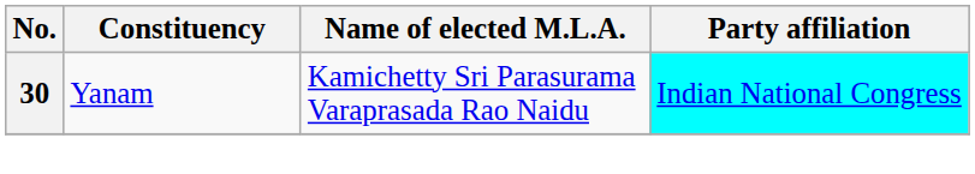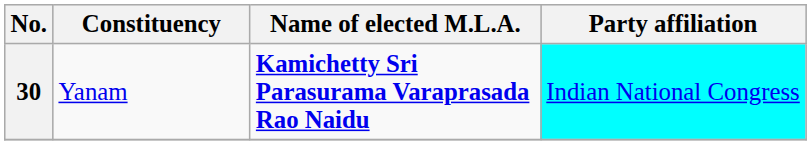 <table class="sortable wikitable">
 <tr>
 <th>No.</th>
 <th style="width:120px">Constituency</th>
 <th style="width:180px">Name of elected M.L.A.</th>
 <th>Party affiliation</th>
 </tr>
 <tr>
 <th>30</th>
 <td><a href='#'>Yanam</a></td>
-<td><a href='#'>Kamichetty Sri Parasurama Varaprasada Rao Naidu</a></td>
+<td><strong><a href='#'>Kamichetty Sri Parasurama Varaprasada Rao Naidu</a></strong></td>
 <td bgcolor=#00FFFF><a href='#'>Indian National Congress</a></td>
 </tr>
 <tr>
 </tr>
 </table>
